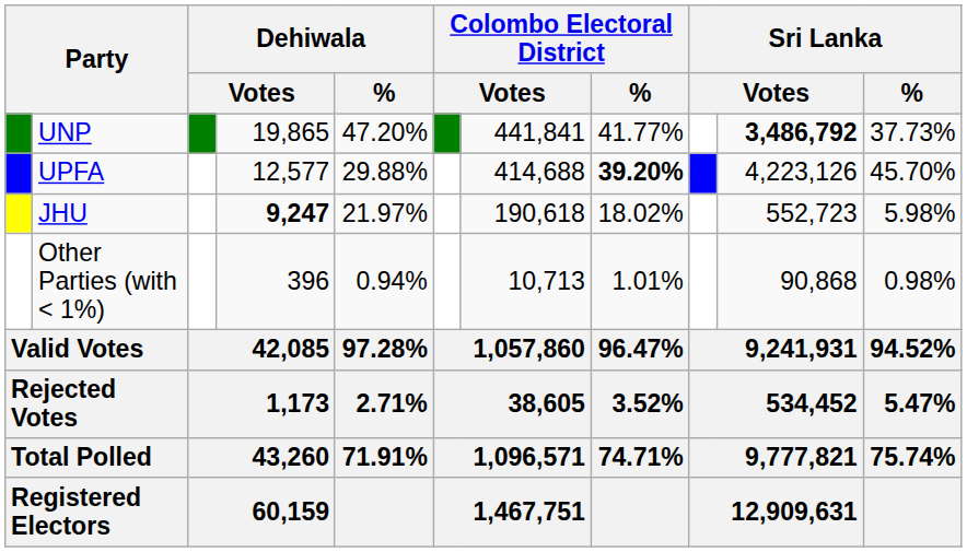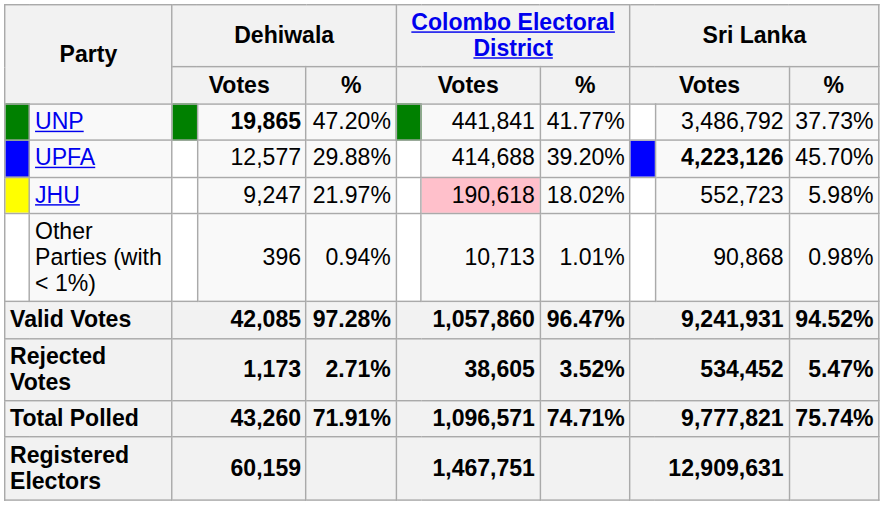 <table class="wikitable">
 <tr>
 <th colspan="2" width="144px"rowspan="2">Party</th>
 <th colspan="3" width="216px">Dehiwala</th>
 <th colspan="3" width="216px"><a href='#'>Colombo Electoral District</a></th>
 <th colspan="3" width="216px">Sri Lanka</th>
 </tr>
 <tr>
 <th colspan="2" width="144px">Votes</th>
 <th>%</th>
 <th colspan="2" width="144px">Votes</th>
 <th>%</th>
 <th colspan="2" width="144px">Votes</th>
 <th>%</th>
 </tr>
 <tr>
 <td style="background-color:green;" width="10px"></td>
 <td style="text-align:left;"><a href='#'>UNP</a></td>
 <td style="background-color:green;" width="10px"></td>
-<td style="text-align:right;">19,865</td>
+<td style="text-align:right;"><strong>19,865</strong></td>
 <td style="text-align:right;">47.20%</td>
 <td style="background-color:green;" width="10px"></td>
 <td style="text-align:right;">441,841</td>
 <td style="text-align:right;">41.77%</td>
 <td style="background-color:white;" width="10px"></td>
-<td style="text-align:right;"><strong>3,486,792</strong></td>
+<td style="text-align:right;">3,486,792</td>
 <td style="text-align:right;">37.73%</td>
 </tr>
 <tr>
 <td style="background-color:blue;" width="10px"></td>
 <td style="text-align:left;"><a href='#'>UPFA</a></td>
 <td style="background-color:white;" width="10px"></td>
 <td style="text-align:right;">12,577</td>
 <td style="text-align:right;">29.88%</td>
 <td style="background-color:white;" width="10px"></td>
 <td style="text-align:right;">414,688</td>
-<td style="text-align:right;"><strong>39.20%</strong></td>
+<td style="text-align:right;">39.20%</td>
 <td style="background-color:blue;" width="10px"></td>
-<td style="text-align:right;">4,223,126</td>
+<td style="text-align:right;"><strong>4,223,126</strong></td>
 <td style="text-align:right;">45.70%</td>
 </tr>
 <tr>
 <td style="background-color:yellow;" width="10px"></td>
 <td style="text-align:left;"><a href='#'>JHU</a></td>
 <td style="background-color:white;" width="10px"></td>
-<td style="text-align:right;"><strong>9,247</strong></td>
+<td style="text-align:right;">9,247</td>
 <td style="text-align:right;">21.97%</td>
 <td style="background-color:white;" width="10px"></td>
-<td style="text-align:right;">190,618</td>
+<td style="background: pink; text-align:right;">190,618</td>
 <td style="text-align:right;">18.02%</td>
 <td style="background-color:white;" width="10px"></td>
 <td style="text-align:right;">552,723</td>
 <td style="text-align:right;">5.98%</td>
 </tr>
 <tr>
 <td style="background-color:white;" width="10px"></td>
 <td style="text-align:left;">Other Parties (with < 1%)</td>
 <td style="background-color:white;" width="10px"></td>
 <td style="text-align:right;">396</td>
 <td style="text-align:right;">0.94%</td>
 <td style="background-color:white;" width="10px"></td>
 <td style="text-align:right;">10,713</td>
 <td style="text-align:right;">1.01%</td>
 <td style="background-color:white;" width="10px"></td>
 <td style="text-align:right;">90,868</td>
 <td style="text-align:right;">0.98%</td>
 </tr>
 <tr>
 <th colspan="2" width="144px"style="text-align:left;">Valid Votes</th>
 <th style="text-align:right;"colspan="2" width="144px">42,085</th>
 <th style="text-align:right;">97.28%</th>
 <th style="text-align:right;"colspan="2" width="144px">1,057,860</th>
 <th style="text-align:right;">96.47%</th>
 <th style="text-align:right;"colspan="2" width="144px">9,241,931</th>
 <th style="text-align:right;">94.52%</th>
 </tr>
 <tr>
 <th colspan="2" width="144px"style="text-align:left;">Rejected Votes</th>
 <th style="text-align:right;"colspan="2" width="144px">1,173</th>
 <th style="text-align:right;">2.71%</th>
 <th style="text-align:right;"colspan="2" width="144px">38,605</th>
 <th style="text-align:right;">3.52%</th>
 <th style="text-align:right;"colspan="2" width="144px">534,452</th>
 <th style="text-align:right;">5.47%</th>
 </tr>
 <tr>
 <th colspan="2" width="144px"style="text-align:left;">Total Polled</th>
 <th style="text-align:right;"colspan="2" width="144px">43,260</th>
 <th style="text-align:right;">71.91%</th>
 <th style="text-align:right;"colspan="2" width="144px">1,096,571</th>
 <th style="text-align:right;">74.71%</th>
 <th style="text-align:right;"colspan="2" width="144px">9,777,821</th>
 <th style="text-align:right;">75.74%</th>
 </tr>
 <tr>
 <th colspan="2" width="144px"style="text-align:left;">Registered Electors</th>
 <th style="text-align:right;"colspan="2" width="144px">60,159</th>
 <th></th>
 <th style="text-align:right;"colspan="2" width="144px">1,467,751</th>
 <th></th>
 <th style="text-align:right;"colspan="2" width="144px">12,909,631</th>
 <th></th>
 </tr>
 </table>
